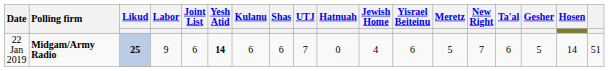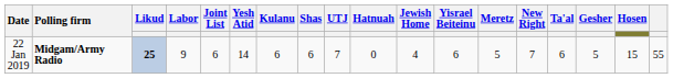 <table class="wikitable" style="text-align:center; font-size:90%; line-height:14px;">
 <tr>
 <th rowspan="2">Date</th>
 <th style="width:180px;text-align:left;" rowspan="2">Polling firm</th>
 <th><a href='#'>Likud</a></th>
 <th><a href='#'>Labor</a></th>
 <th><a href='#'>Joint<br>List</a></th>
 <th><a href='#'>Yesh<br>Atid</a></th>
 <th><a href='#'>Kulanu</a></th>
 <th><a href='#'>Shas</a></th>
 <th><a href='#'>UTJ</a></th>
 <th><a href='#'>Hatnuah</a></th>
 <th><a href='#'>Jewish<br>Home</a></th>
 <th><a href='#'>Yisrael<br>Beiteinu</a></th>
 <th><a href='#'>Meretz</a></th>
 <th><a href='#'>New<br>Right</a></th>
 <th><a href='#'>Ta'al</a></th>
 <th><a href='#'>Gesher</a></th>
 <th><a href='#'>Hosen</a></th>
 <th style="width:20px;"></th>
 </tr>
 <tr>
 <th style="color:inherit;background:"></th>
 <th style="color:inherit;background:"></th>
 <th style="color:inherit;background:"></th>
 <th style="color:inherit;background:"></th>
 <th style="color:inherit;background:"></th>
 <th style="color:inherit;background:"></th>
 <th style="color:inherit;background:"></th>
 <th style="color:inherit;background:"></th>
 <th style="color:inherit;background:"></th>
 <th style="color:inherit;background:"></th>
 <th style="color:inherit;background:"></th>
 <th style="color:inherit;background:"></th>
 <th style="color:inherit;background:"></th>
 <th style="color:inherit;background:"></th>
 <th style="color:inherit;background:#807e33; "></th>
 <th style="color:inherit;background:"></th>
 </tr>
 <tr>
 <td>22 Jan 2019</td>
 <td style="text-align:left;"><strong>Midgam/Army Radio</strong></td>
 <td style="background:#BBCDE4"><strong>25</strong>	</td>
 <td>9					</td>
 <td>6					</td>
-<td><strong>14					</strong></td>
+<td>14					</td>
 <td>6					</td>
 <td>6					</td>
 <td>7					</td>
 <td>0					</td>
 <td>4					</td>
 <td>6					</td>
 <td>5					</td>
 <td>7					</td>
 <td>6					</td>
 <td>5					</td>
-<td>14					</td>
-<td>51					</td>
+<td>15					</td>
+<td>55					</td>
 </tr>
 </table>
